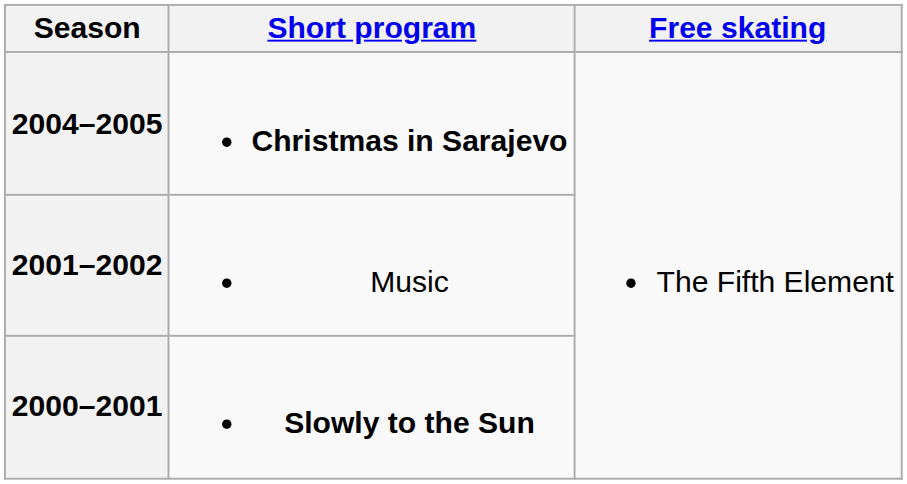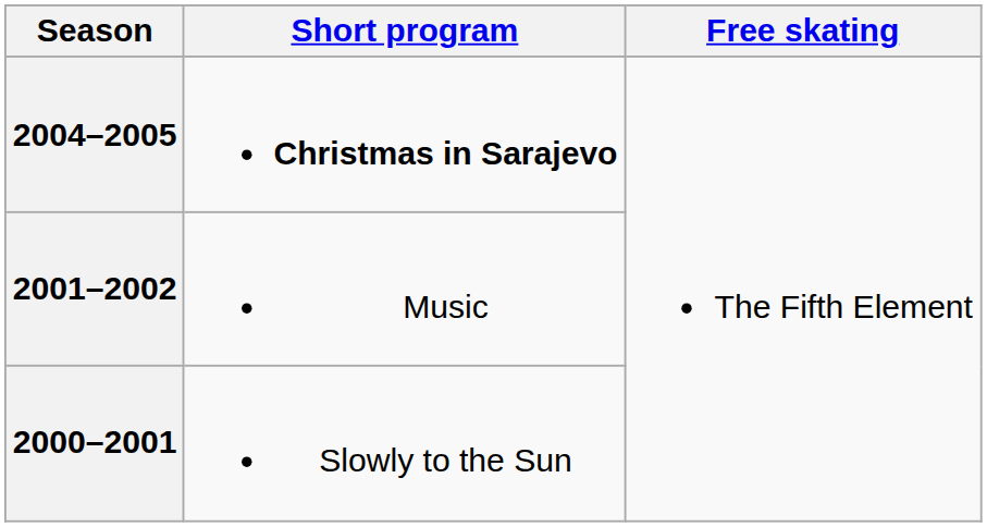 <table class=wikitable style=text-align:center>
 <tr>
 <th>Season</th>
 <th><a href='#'>Short program</a></th>
 <th><a href='#'>Free skating</a></th>
 </tr>
 <tr>
 <th>2004–2005 <br> </th>
 <td><strong><br><ul><li>Christmas in Sarajevo <br></li></ul></strong></td>
 <td rowspan=3><br><ul><li>The Fifth Element <br></li></ul></td>
 </tr>
 <tr>
 <th>2001–2002 <br> </th>
 <td><br><ul><li>Music <br></li></ul></td>
 </tr>
 <tr>
 <th>2000–2001 <br> </th>
-<td><strong><br><ul><li>Slowly to the Sun <br></li></ul></strong></td>
+<td><br><ul><li>Slowly to the Sun <br></li></ul></td>
 </tr>
 </table>
